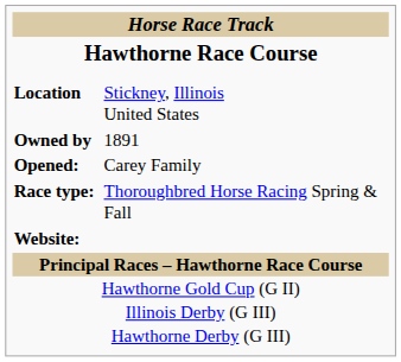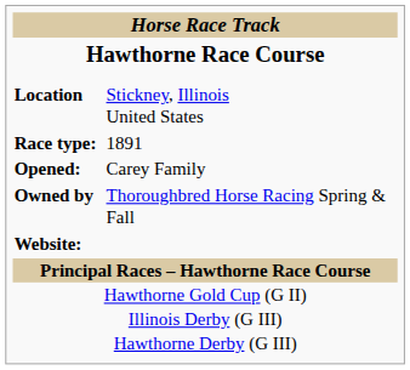 <table class="infobox" style="font-size:90%;width:22em;">
 <tr>
 <th style="font-size:110%;text-align:center;;background:#DACAA5;" colspan="2"><em>Horse Race Track</em></th>
 </tr>
 <tr>
 <th colspan="2" style="font-size:125%;text-align:center;">Hawthorne Race Course</th>
 </tr>
 <tr>
 <td colspan="2" style="font-size:90%;text-align:center;padding-bottom:.5em;"></td>
 </tr>
 <tr>
 <td><strong>Location</strong></td>
 <td><a href='#'>Stickney</a>, <a href='#'>Illinois</a><br>United States</td>
 </tr>
 <tr>
-<td><strong>Owned by</strong></td>
+<td><strong>Race type:</strong></td>
 <td>1891</td>
 </tr>
 <tr>
 <td><strong>Opened:</strong></td>
 <td>Carey Family</td>
 </tr>
 <tr>
-<td><strong>Race type:</strong></td>
+<td><strong>Owned by</strong></td>
 <td><a href='#'>Thoroughbred Horse Racing</a> Spring & Fall<br></td>
 </tr>
 <tr>
 <td><strong>Website:</strong></td>
 <td></td>
 </tr>
 <tr>
 <th style="background:#DACAA5;" colspan="2">Principal Races – Hawthorne Race Course</th>
 </tr>
 <tr>
 <td colspan="2" style="text-align:center;width:25em; padding:0px; border:none;"><a href='#'>Hawthorne Gold Cup</a> (G II)</td>
 </tr>
 <tr>
 <td colspan="2" style="text-align:center;width:25em; padding:0px; border:none;"><a href='#'>Illinois Derby</a> (G III)</td>
 </tr>
 <tr>
 <td colspan="2" style="text-align:center;width:25em; padding:0px; border:none;"><a href='#'>Hawthorne Derby</a> (G III)</td>
 </tr>
 <tr>
 </tr>
 </table>
